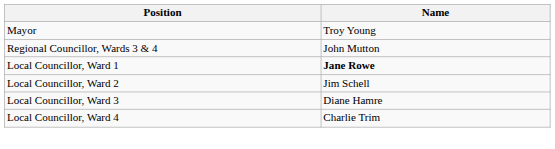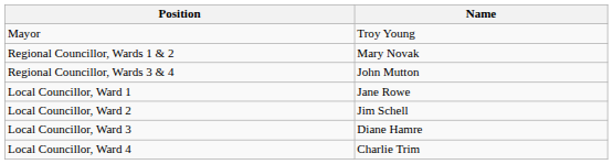 <table class="wikitable" style="width:50%;">
 <tr>
 <th bgcolor="#DDDDFF" width="50px">Position</th>
 <th bgcolor="#DDDDFF" width="50px">Name</th>
 </tr>
 <tr>
 <td>Mayor</td>
 <td>Troy Young</td>
 </tr>
 <tr>
+<td>Regional Councillor, Wards 1 & 2</td>
+<td>Mary Novak</td>
+</tr>
+<tr>
 <td>Regional Councillor, Wards 3 & 4</td>
 <td>John Mutton</td>
 </tr>
 <tr>
 <td>Local Councillor, Ward 1</td>
-<td><strong>Jane Rowe</strong></td>
+<td>Jane Rowe</td>
 </tr>
 <tr>
 <td>Local Councillor, Ward 2</td>
 <td>Jim Schell</td>
 </tr>
 <tr>
 <td>Local Councillor, Ward 3</td>
 <td>Diane Hamre</td>
 </tr>
 <tr>
 <td>Local Councillor, Ward 4</td>
 <td>Charlie Trim</td>
 </tr>
 </table>
